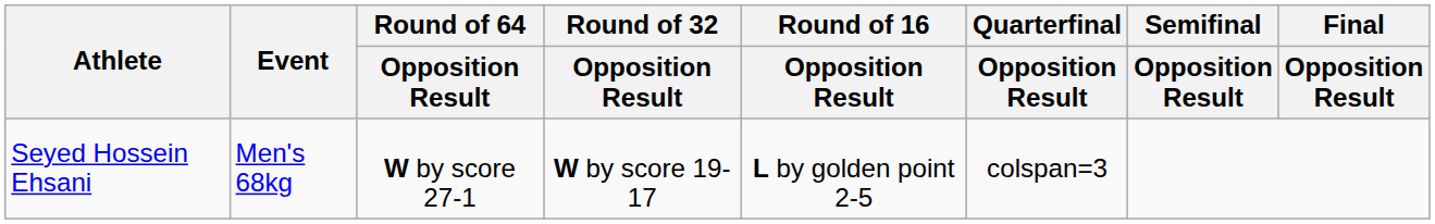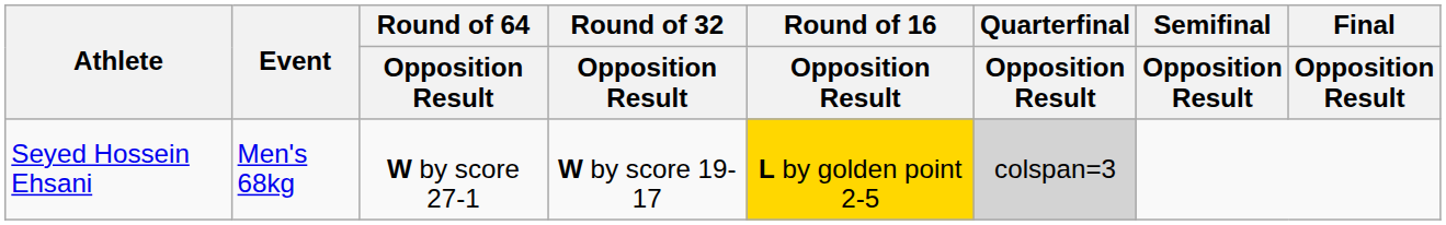 <table class="wikitable">
 <tr>
 <th rowspan="2">Athlete</th>
 <th rowspan="2">Event</th>
 <th>Round of 64</th>
 <th>Round of 32</th>
 <th>Round of 16</th>
 <th>Quarterfinal</th>
 <th>Semifinal</th>
 <th>Final</th>
 </tr>
 <tr>
 <th>Opposition<br>Result</th>
 <th>Opposition<br>Result</th>
 <th>Opposition<br>Result</th>
 <th>Opposition<br>Result</th>
 <th>Opposition<br>Result</th>
 <th>Opposition<br>Result</th>
 </tr>
 <tr align=center>
 <td align=left><a href='#'>Seyed Hossein Ehsani</a></td>
 <td align=left><a href='#'>Men's 68kg</a></td>
 <td><br><strong>W</strong> by score 27-1</td>
 <td><br><strong>W</strong> by score 19-17</td>
-<td><br><strong>L</strong> by golden point 2-5</td>
-<td>colspan=3 </td>
+<td style="background: gold;"><br><strong>L</strong> by golden point 2-5</td>
+<td style="background: lightgrey;">colspan=3 </td>
 </tr>
 </table>
